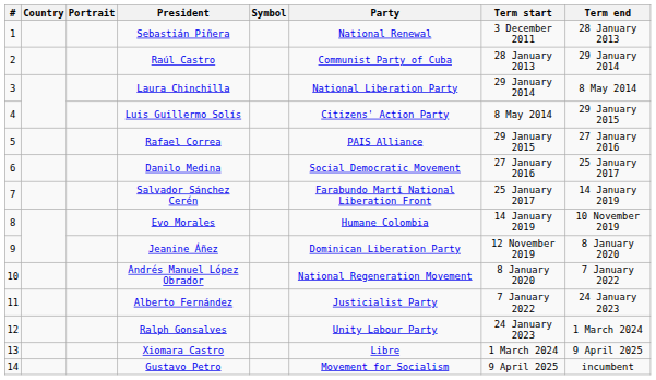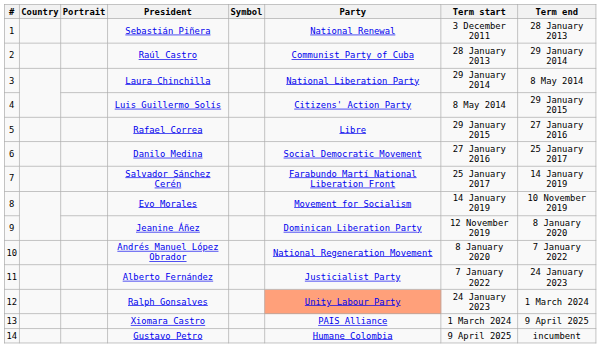 <table class="wikitable" style="text-align:center">
 <tr>
 <th>#</th>
 <th>Country</th>
 <th>Portrait</th>
 <th>President</th>
 <th>Symbol</th>
 <th>Party</th>
 <th>Term start</th>
 <th>Term end</th>
 </tr>
 <tr>
 <td>1</td>
 <td></td>
 <td></td>
 <td><a href='#'>Sebastián Piñera</a></td>
 <td></td>
 <td><a href='#'>National Renewal</a></td>
 <td>3 December 2011</td>
 <td>28 January 2013</td>
 </tr>
 <tr>
 <td>2</td>
 <td></td>
 <td></td>
 <td><a href='#'>Raúl Castro</a></td>
 <td></td>
 <td><a href='#'>Communist Party of Cuba</a></td>
 <td>28 January 2013</td>
 <td>29 January 2014</td>
 </tr>
 <tr>
 <td>3</td>
 <td rowspan=2></td>
 <td></td>
 <td><a href='#'>Laura Chinchilla</a></td>
 <td></td>
 <td><a href='#'>National Liberation Party</a></td>
 <td>29 January 2014</td>
 <td>8 May 2014</td>
 </tr>
 <tr>
 <td>4</td>
 <td></td>
 <td><a href='#'>Luis Guillermo Solís</a></td>
 <td></td>
 <td><a href='#'>Citizens' Action Party</a></td>
 <td>8 May 2014</td>
 <td>29 January 2015</td>
 </tr>
 <tr>
 <td>5</td>
 <td></td>
 <td></td>
 <td><a href='#'>Rafael Correa</a></td>
 <td></td>
-<td><a href='#'>PAIS Alliance</a></td>
+<td><a href='#'>Libre</a></td>
 <td>29 January 2015</td>
 <td>27 January 2016</td>
 </tr>
 <tr>
 <td>6</td>
 <td></td>
 <td></td>
 <td><a href='#'>Danilo Medina</a></td>
 <td></td>
 <td><a href='#'>Social Democratic Movement</a></td>
 <td>27 January 2016</td>
 <td>25 January 2017</td>
 </tr>
 <tr>
 <td>7</td>
 <td></td>
 <td></td>
 <td><a href='#'>Salvador Sánchez Cerén</a></td>
 <td></td>
 <td><a href='#'>Farabundo Martí National Liberation Front</a></td>
 <td>25 January 2017</td>
 <td>14 January 2019</td>
 </tr>
 <tr>
 <td>8</td>
 <td rowspan=2></td>
 <td></td>
 <td><a href='#'>Evo Morales</a></td>
 <td></td>
-<td><a href='#'>Humane Colombia</a></td>
+<td><a href='#'>Movement for Socialism</a></td>
 <td>14 January 2019</td>
 <td>10 November 2019</td>
 </tr>
 <tr>
 <td>9</td>
 <td></td>
 <td><a href='#'>Jeanine Áñez</a></td>
 <td></td>
 <td><a href='#'>Dominican Liberation Party</a></td>
 <td>12 November 2019</td>
 <td>8 January 2020</td>
 </tr>
 <tr>
 <td>10</td>
 <td></td>
 <td></td>
 <td><a href='#'>Andrés Manuel López Obrador</a></td>
 <td></td>
 <td><a href='#'>National Regeneration Movement</a></td>
 <td>8 January 2020</td>
 <td>7 January 2022</td>
 </tr>
 <tr>
 <td>11</td>
 <td></td>
 <td></td>
 <td><a href='#'>Alberto Fernández</a></td>
 <td></td>
 <td><a href='#'>Justicialist Party</a></td>
 <td>7 January 2022</td>
 <td>24 January 2023</td>
 </tr>
 <tr>
 <td>12</td>
 <td></td>
 <td></td>
 <td><a href='#'>Ralph Gonsalves</a></td>
 <td></td>
-<td><a href='#'>Unity Labour Party</a></td>
+<td style="background: lightsalmon;"><a href='#'>Unity Labour Party</a></td>
 <td>24 January 2023</td>
 <td>1 March 2024</td>
 </tr>
 <tr>
 <td>13</td>
 <td></td>
 <td></td>
 <td><a href='#'>Xiomara Castro</a></td>
 <td></td>
-<td><a href='#'>Libre</a></td>
+<td><a href='#'>PAIS Alliance</a></td>
 <td>1 March 2024</td>
 <td>9 April 2025</td>
 </tr>
 <tr>
 <td>14</td>
 <td></td>
 <td></td>
 <td><a href='#'>Gustavo Petro</a></td>
 <td></td>
-<td><a href='#'>Movement for Socialism</a></td>
+<td><a href='#'>Humane Colombia</a></td>
 <td>9 April 2025</td>
 <td>incumbent</td>
 </tr>
 </table>
